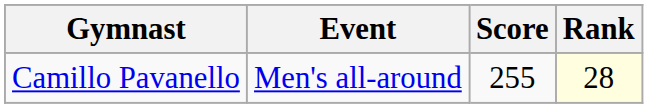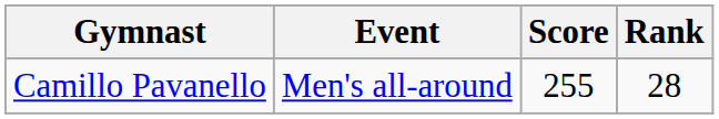 <table class=wikitable>
 <tr>
 <th>Gymnast</th>
 <th>Event</th>
 <th>Score</th>
 <th>Rank</th>
 </tr>
 <tr align=center>
 <td align=left><a href='#'>Camillo Pavanello</a></td>
 <td><a href='#'>Men's all-around</a></td>
 <td>255</td>
-<td style="background: lightyellow;">28</td>
+<td>28</td>
 </tr>
 </table>
